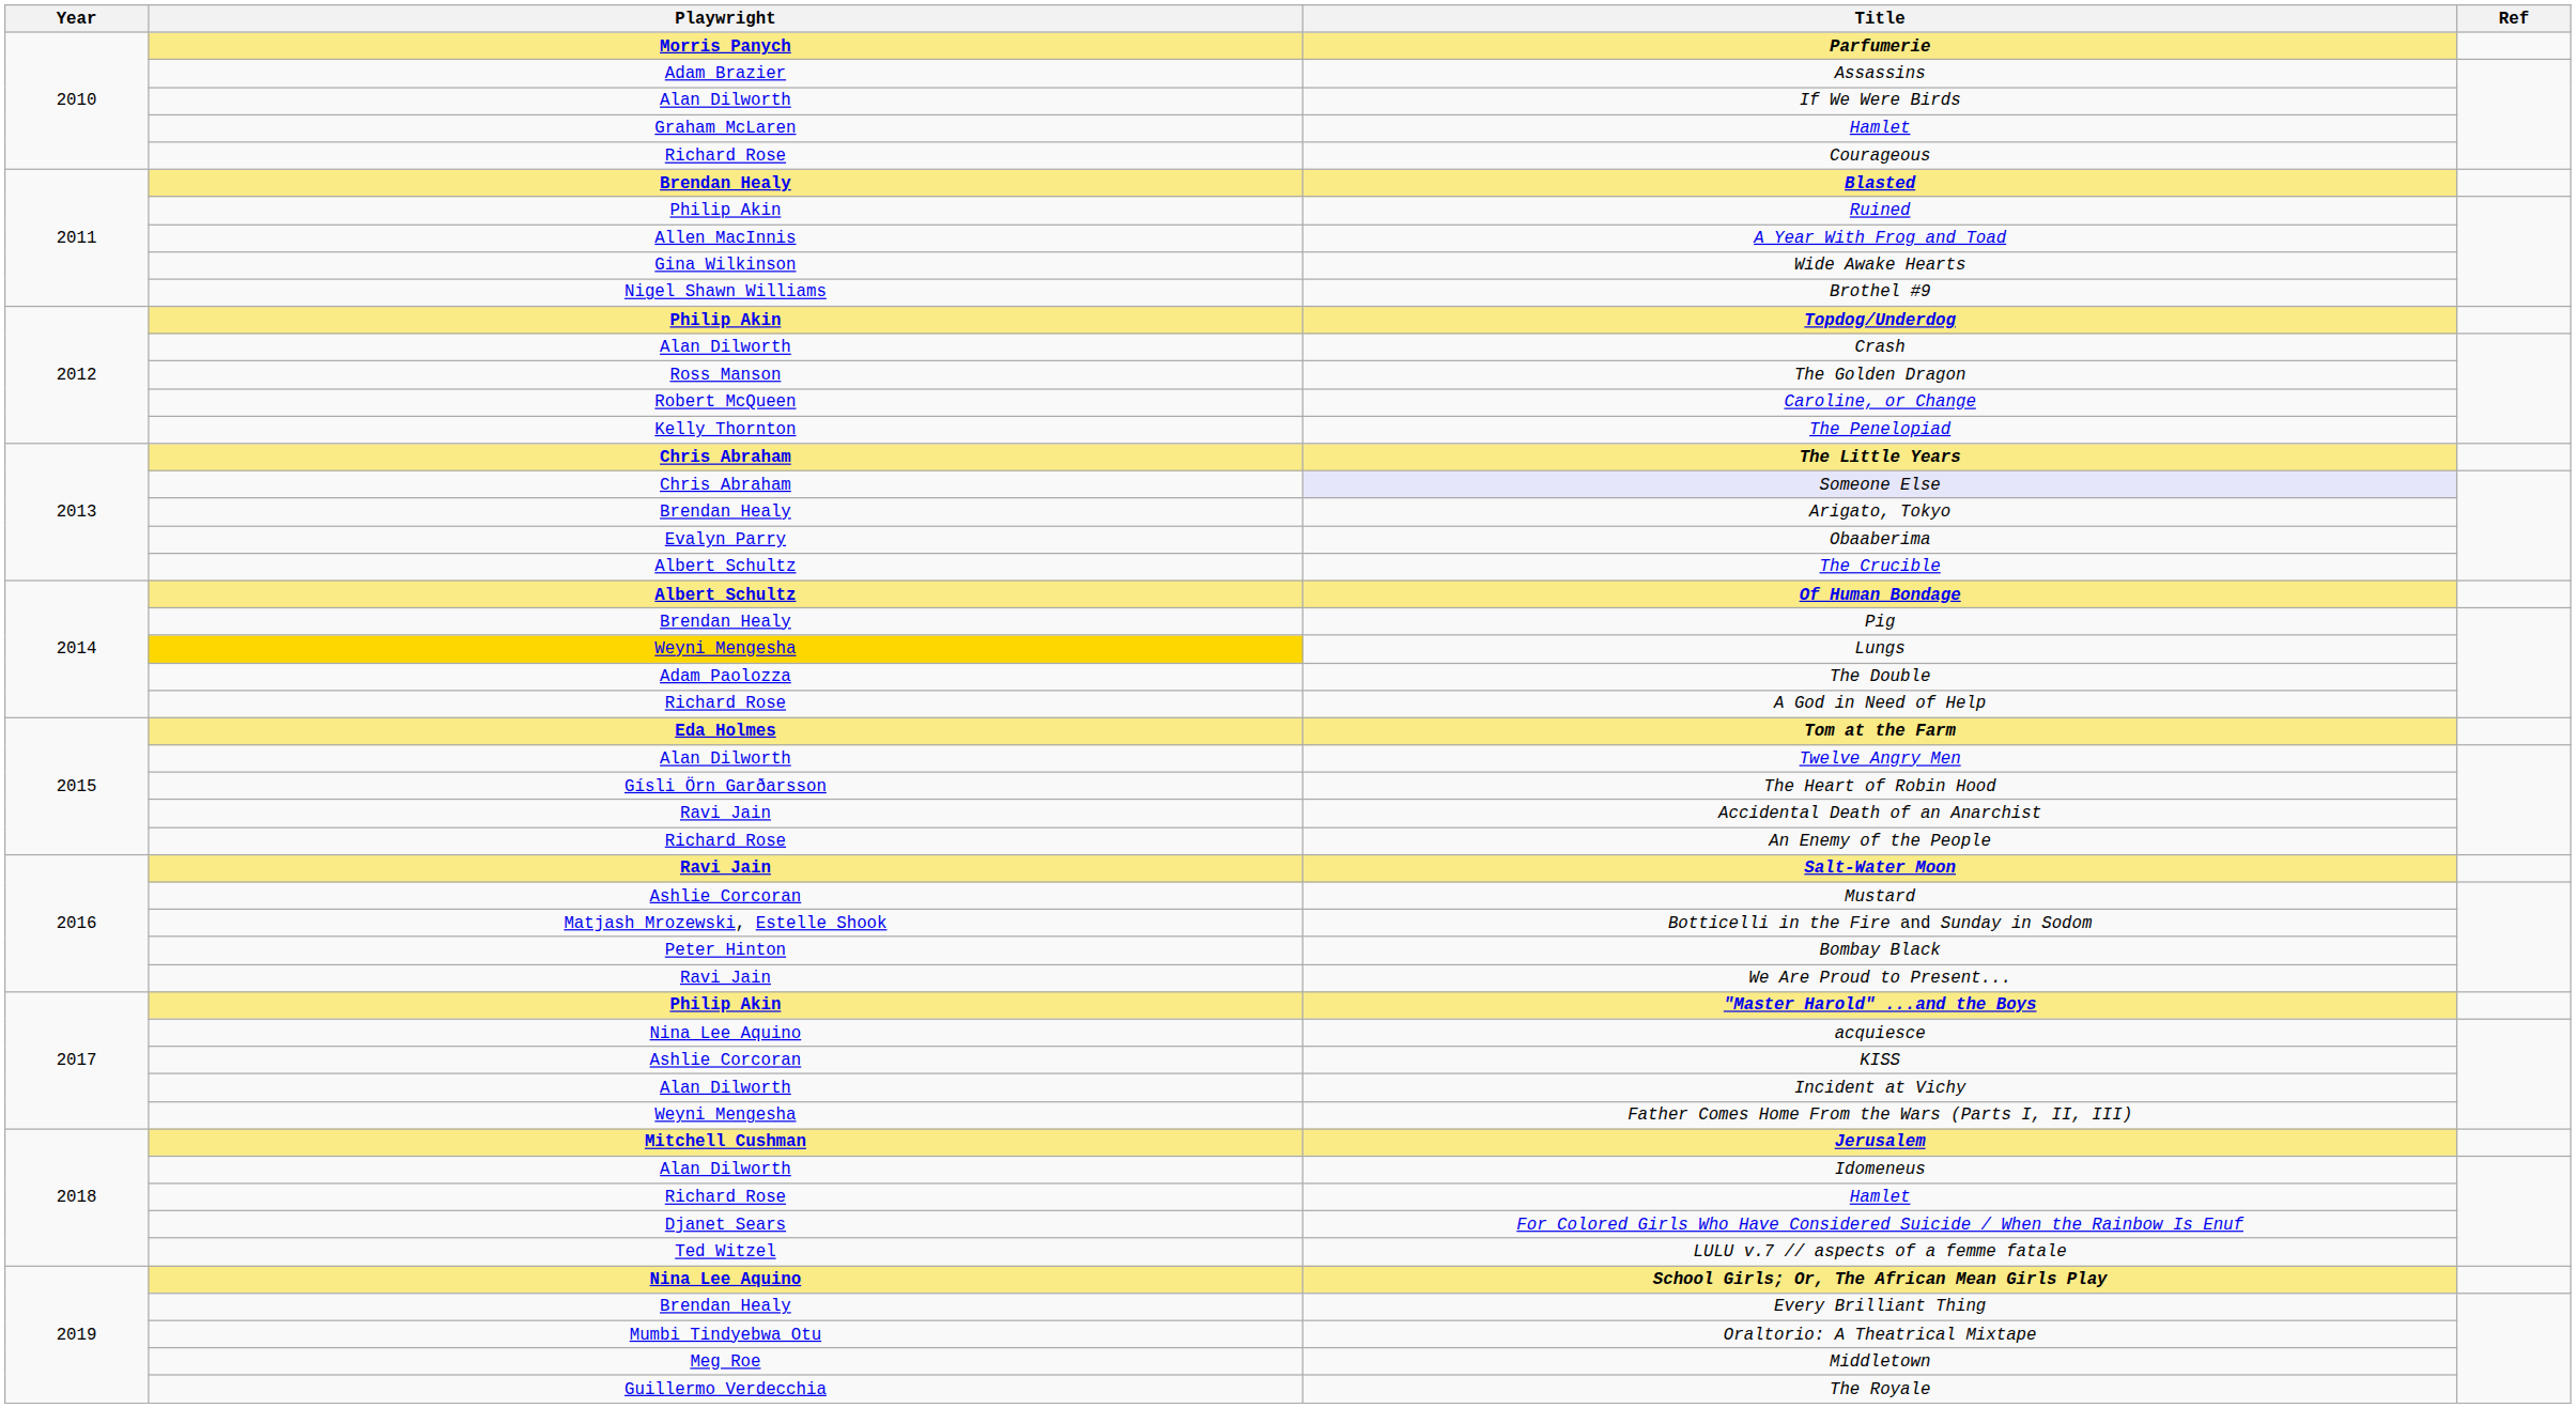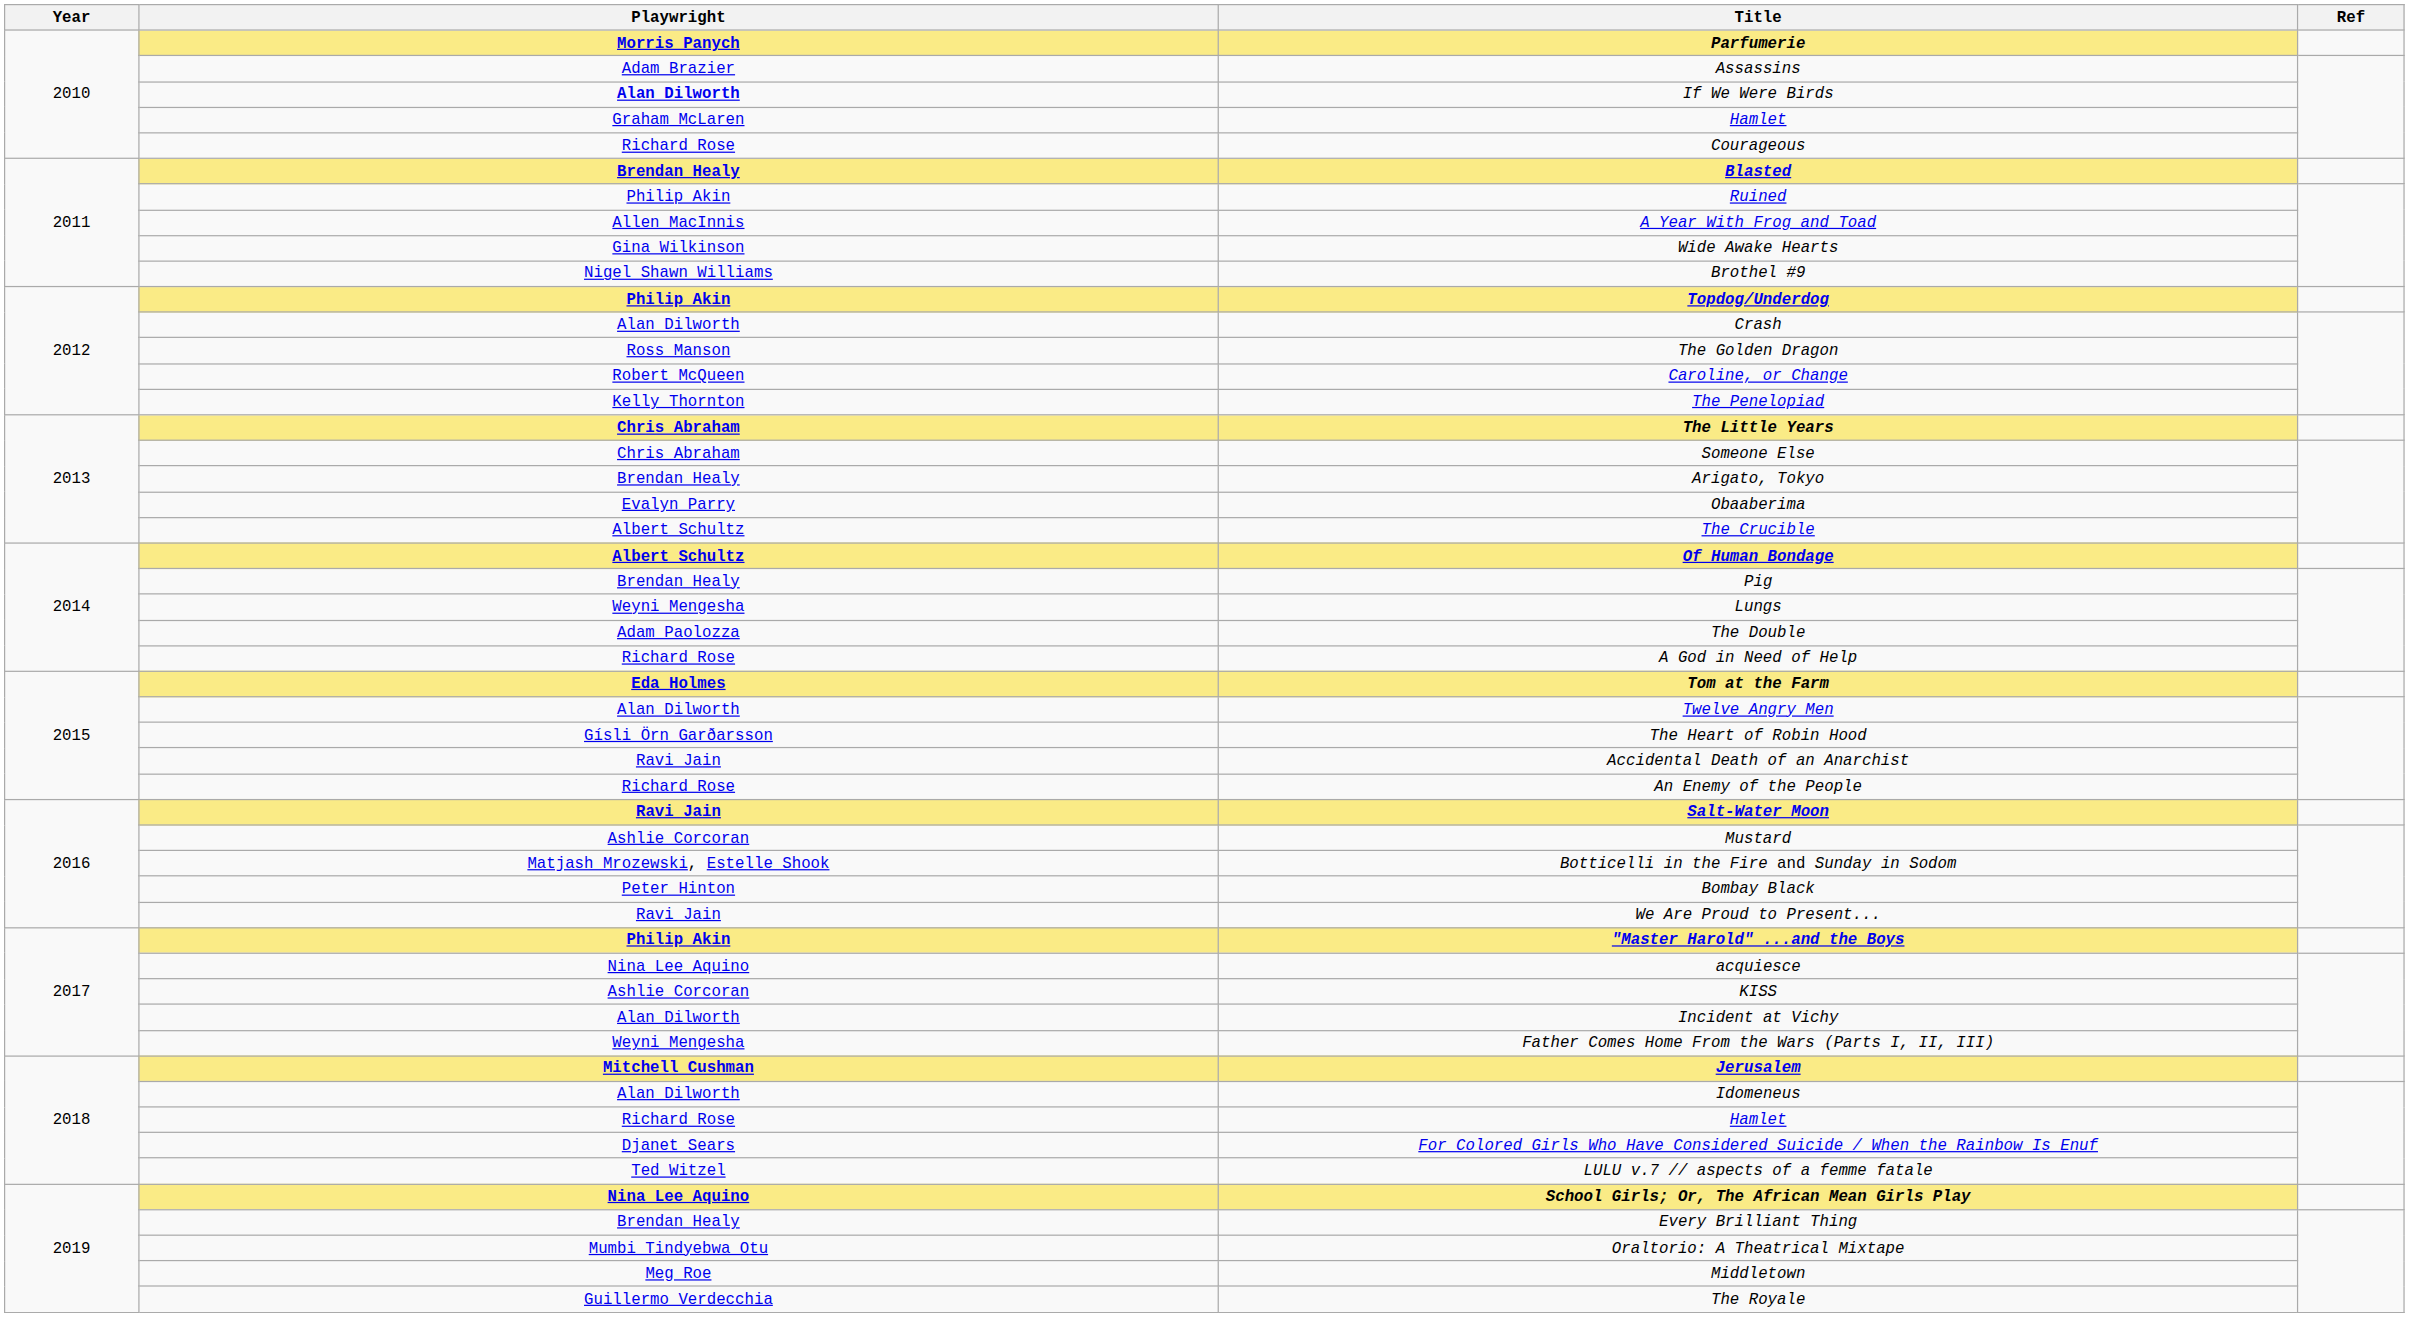 <table class="wikitable" width="100%" style="text-align:center;">
 <tr>
 <th>Year</th>
 <th width="45%">Playwright</th>
 <th width="45%">Title</th>
 <th>Ref</th>
 </tr>
 <tr>
 <td rowspan=5>2010</td>
 <td style="background:#FAEB86"><strong><a href='#'>Morris Panych</a></strong></td>
 <td style="background:#FAEB86"><strong><em>Parfumerie</em></strong></td>
 <td></td>
 </tr>
 <tr>
 <td><a href='#'>Adam Brazier</a></td>
 <td><em>Assassins</em></td>
 <td rowspan=4></td>
 </tr>
 <tr>
-<td><a href='#'>Alan Dilworth</a></td>
+<td><strong><a href='#'>Alan Dilworth</a></strong></td>
 <td><em>If We Were Birds</em></td>
 </tr>
 <tr>
 <td><a href='#'>Graham McLaren</a></td>
 <td><em><a href='#'>Hamlet</a></em></td>
 </tr>
 <tr>
 <td><a href='#'>Richard Rose</a></td>
 <td><em>Courageous</em></td>
 </tr>
 <tr>
 <td rowspan=5>2011</td>
 <td style="background:#FAEB86"><strong><a href='#'>Brendan Healy</a></strong></td>
 <td style="background:#FAEB86"><strong><em><a href='#'>Blasted</a></em></strong></td>
 <td></td>
 </tr>
 <tr>
 <td><a href='#'>Philip Akin</a></td>
 <td><em><a href='#'>Ruined</a></em></td>
 <td rowspan=4></td>
 </tr>
 <tr>
 <td><a href='#'>Allen MacInnis</a></td>
 <td><em><a href='#'>A Year With Frog and Toad</a></em></td>
 </tr>
 <tr>
 <td><a href='#'>Gina Wilkinson</a></td>
 <td><em>Wide Awake Hearts</em></td>
 </tr>
 <tr>
 <td><a href='#'>Nigel Shawn Williams</a></td>
 <td><em>Brothel #9</em></td>
 </tr>
 <tr>
 <td rowspan=5>2012</td>
 <td style="background:#FAEB86"><strong><a href='#'>Philip Akin</a></strong></td>
 <td style="background:#FAEB86"><strong><em><a href='#'>Topdog/Underdog</a></em></strong></td>
 <td></td>
 </tr>
 <tr>
 <td><a href='#'>Alan Dilworth</a></td>
 <td><em>Crash</em></td>
 <td rowspan=4></td>
 </tr>
 <tr>
 <td><a href='#'>Ross Manson</a></td>
 <td><em>The Golden Dragon</em></td>
 </tr>
 <tr>
 <td><a href='#'>Robert McQueen</a></td>
 <td><em><a href='#'>Caroline, or Change</a></em></td>
 </tr>
 <tr>
 <td><a href='#'>Kelly Thornton</a></td>
 <td><em><a href='#'>The Penelopiad</a></em></td>
 </tr>
 <tr>
 <td rowspan=5>2013</td>
 <td style="background:#FAEB86"><strong><a href='#'>Chris Abraham</a></strong></td>
 <td style="background:#FAEB86"><strong><em>The Little Years</em></strong></td>
 <td></td>
 </tr>
 <tr>
 <td><a href='#'>Chris Abraham</a></td>
-<td style="background: lavender;"><em>Someone Else</em></td>
+<td><em>Someone Else</em></td>
 <td rowspan=4></td>
 </tr>
 <tr>
 <td><a href='#'>Brendan Healy</a></td>
 <td><em>Arigato, Tokyo</em></td>
 </tr>
 <tr>
 <td><a href='#'>Evalyn Parry</a></td>
 <td><em>Obaaberima</em></td>
 </tr>
 <tr>
 <td><a href='#'>Albert Schultz</a></td>
 <td><em><a href='#'>The Crucible</a></em></td>
 </tr>
 <tr>
 <td rowspan=5>2014</td>
 <td style="background:#FAEB86"><strong><a href='#'>Albert Schultz</a></strong></td>
 <td style="background:#FAEB86"><strong><em><a href='#'>Of Human Bondage</a></em></strong></td>
 <td></td>
 </tr>
 <tr>
 <td><a href='#'>Brendan Healy</a></td>
 <td><em>Pig</em></td>
 <td rowspan=4></td>
 </tr>
 <tr>
-<td style="background: gold;"><a href='#'>Weyni Mengesha</a></td>
+<td><a href='#'>Weyni Mengesha</a></td>
 <td><em>Lungs</em></td>
 </tr>
 <tr>
 <td><a href='#'>Adam Paolozza</a></td>
 <td><em>The Double</em></td>
 </tr>
 <tr>
 <td><a href='#'>Richard Rose</a></td>
 <td><em>A God in Need of Help</em></td>
 </tr>
 <tr>
 <td rowspan=5>2015</td>
 <td style="background:#FAEB86"><strong><a href='#'>Eda Holmes</a></strong></td>
 <td style="background:#FAEB86"><strong><em>Tom at the Farm</em></strong></td>
 <td></td>
 </tr>
 <tr>
 <td><a href='#'>Alan Dilworth</a></td>
 <td><em><a href='#'>Twelve Angry Men</a></em></td>
 <td rowspan=4></td>
 </tr>
 <tr>
 <td><a href='#'>Gísli Örn Garðarsson</a></td>
 <td><em>The Heart of Robin Hood</em></td>
 </tr>
 <tr>
 <td><a href='#'>Ravi Jain</a></td>
 <td><em>Accidental Death of an Anarchist</em></td>
 </tr>
 <tr>
 <td><a href='#'>Richard Rose</a></td>
 <td><em>An Enemy of the People</em></td>
 </tr>
 <tr>
 <td rowspan=5>2016</td>
 <td style="background:#FAEB86"><strong><a href='#'>Ravi Jain</a></strong></td>
 <td style="background:#FAEB86"><strong><em><a href='#'>Salt-Water Moon</a></em></strong></td>
 <td></td>
 </tr>
 <tr>
 <td><a href='#'>Ashlie Corcoran</a></td>
 <td><em>Mustard</em></td>
 <td rowspan=4></td>
 </tr>
 <tr>
 <td><a href='#'>Matjash Mrozewski</a>, <a href='#'>Estelle Shook</a></td>
 <td><em>Botticelli in the Fire</em> and <em>Sunday in Sodom</em></td>
 </tr>
 <tr>
 <td><a href='#'>Peter Hinton</a></td>
 <td><em>Bombay Black</em></td>
 </tr>
 <tr>
 <td><a href='#'>Ravi Jain</a></td>
 <td><em>We Are Proud to Present...</em></td>
 </tr>
 <tr>
 <td rowspan=5>2017</td>
 <td style="background:#FAEB86"><strong><a href='#'>Philip Akin</a></strong></td>
 <td style="background:#FAEB86"><strong><em><a href='#'>"Master Harold" ...and the Boys</a></em></strong></td>
 <td></td>
 </tr>
 <tr>
 <td><a href='#'>Nina Lee Aquino</a></td>
 <td><em>acquiesce</em></td>
 <td rowspan=4></td>
 </tr>
 <tr>
 <td><a href='#'>Ashlie Corcoran</a></td>
 <td><em>KISS</em></td>
 </tr>
 <tr>
 <td><a href='#'>Alan Dilworth</a></td>
 <td><em>Incident at Vichy</em></td>
 </tr>
 <tr>
 <td><a href='#'>Weyni Mengesha</a></td>
 <td><em>Father Comes Home From the Wars (Parts I, II, III)</em></td>
 </tr>
 <tr>
 <td rowspan=5>2018</td>
 <td style="background:#FAEB86"><strong><a href='#'>Mitchell Cushman</a></strong></td>
 <td style="background:#FAEB86"><strong><em><a href='#'>Jerusalem</a></em></strong></td>
 <td></td>
 </tr>
 <tr>
 <td><a href='#'>Alan Dilworth</a></td>
 <td><em>Idomeneus</em></td>
 <td rowspan=4></td>
 </tr>
 <tr>
 <td><a href='#'>Richard Rose</a></td>
 <td><em><a href='#'>Hamlet</a></em></td>
 </tr>
 <tr>
 <td><a href='#'>Djanet Sears</a></td>
 <td><em><a href='#'>For Colored Girls Who Have Considered Suicide / When the Rainbow Is Enuf</a></em></td>
 </tr>
 <tr>
 <td><a href='#'>Ted Witzel</a></td>
 <td><em>LULU v.7 // aspects of a femme fatale</em></td>
 </tr>
 <tr>
 <td rowspan=5>2019</td>
 <td style="background:#FAEB86"><strong><a href='#'>Nina Lee Aquino</a></strong></td>
 <td style="background:#FAEB86"><strong><em>School Girls; Or, The African Mean Girls Play</em></strong></td>
 <td></td>
 </tr>
 <tr>
 <td><a href='#'>Brendan Healy</a></td>
 <td><em>Every Brilliant Thing</em></td>
 <td rowspan=4></td>
 </tr>
 <tr>
 <td><a href='#'>Mumbi Tindyebwa Otu</a></td>
 <td><em>Oraltorio: A Theatrical Mixtape</em></td>
 </tr>
 <tr>
 <td><a href='#'>Meg Roe</a></td>
 <td><em>Middletown</em></td>
 </tr>
 <tr>
 <td><a href='#'>Guillermo Verdecchia</a></td>
 <td><em>The Royale</em></td>
 </tr>
 </table>
